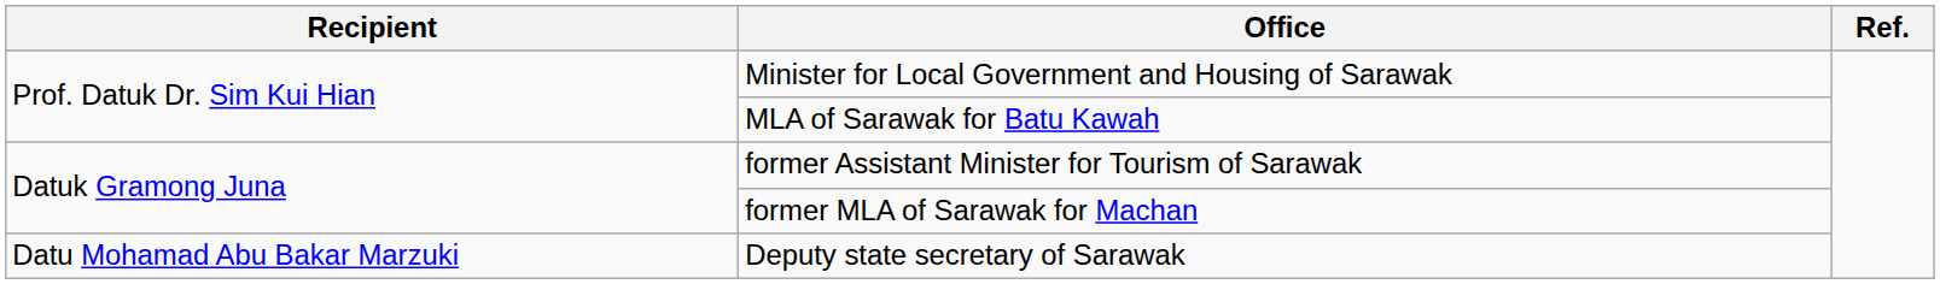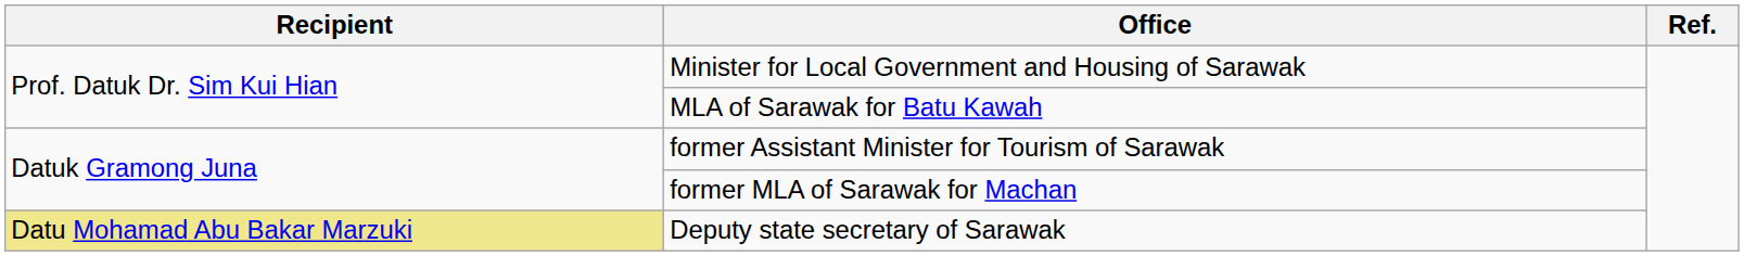 <table class="wikitable">
 <tr>
 <th width=400>Recipient</th>
 <th width=600>Office</th>
 <th width=50>Ref.</th>
 </tr>
 <tr>
 <td rowspan="2">Prof. Datuk Dr. <a href='#'>Sim Kui Hian</a></td>
 <td>Minister for Local Government and Housing of Sarawak</td>
 <td rowspan="5" align=center></td>
 </tr>
 <tr>
 <td>MLA of Sarawak for <a href='#'>Batu Kawah</a></td>
 </tr>
 <tr>
 <td rowspan="2">Datuk <a href='#'>Gramong Juna</a></td>
 <td>former Assistant Minister for Tourism of Sarawak</td>
 </tr>
 <tr>
 <td>former MLA of Sarawak for <a href='#'>Machan</a></td>
 </tr>
 <tr>
-<td>Datu <a href='#'>Mohamad Abu Bakar Marzuki</a></td>
+<td style="background: khaki;">Datu <a href='#'>Mohamad Abu Bakar Marzuki</a></td>
 <td>Deputy state secretary of Sarawak</td>
 </tr>
 </table>
